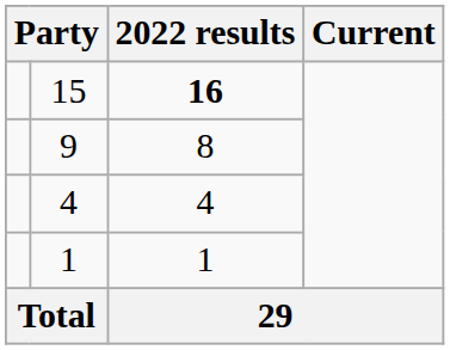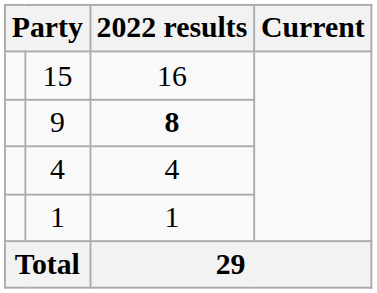 <table class="wikitable">
 <tr>
 <th colspan=2>Party</th>
 <th>2022 results</th>
 <th>Current</th>
 </tr>
 <tr>
 <td></td>
 <td align=center>15</td>
-<td align=center><strong>16</strong></td>
+<td align=center>16</td>
 </tr>
 <tr>
 <td></td>
 <td align=center>9</td>
-<td align=center>8</td>
+<td align=center><strong>8</strong></td>
 </tr>
 <tr>
 <td></td>
 <td align=center>4</td>
 <td align=center>4</td>
 </tr>
 <tr>
 <td></td>
 <td align=center>1</td>
 <td align=center>1</td>
 </tr>
 <tr>
 <th colspan=2>Total</th>
 <th colspan="2" align="center">29</th>
 </tr>
 </table>
